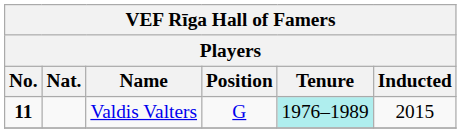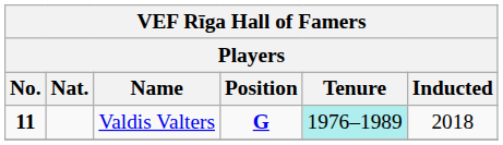 <table class="wikitable sortable" style="text-align:center">
 <tr>
 <th colspan="6">VEF Rīga Hall of Famers</th>
 </tr>
 <tr>
 <th colspan="6">Players</th>
 </tr>
 <tr>
 <th>No.</th>
 <th>Nat.</th>
 <th>Name</th>
 <th>Position</th>
 <th>Tenure</th>
 <th>Inducted</th>
 </tr>
 <tr>
 <td><strong>11</strong></td>
 <td></td>
 <td><a href='#'>Valdis Valters</a></td>
-<td><a href='#'>G</a></td>
+<td><strong><a href='#'>G</a></strong></td>
 <td style="background: paleturquoise;">1976–1989</td>
-<td>2015</td>
+<td>2018</td>
 </tr>
 <tr>
 </tr>
 </table>
